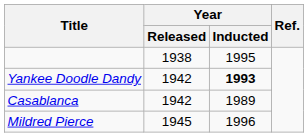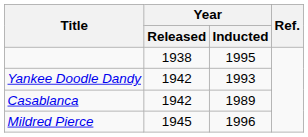 <table class="wikitable sortable">
 <tr>
 <th scope="col" rowspan=2>Title</th>
 <th scope="col" colspan=2>Year</th>
 <th scope="col" rowspan=2 class="unsortable">Ref.</th>
 </tr>
 <tr>
 <th scope="col">Released</th>
 <th scope="col">Inducted</th>
 </tr>
 <tr>
 <td scope="row"><em></em></td>
 <td align=center>1938</td>
 <td align=center>1995</td>
 <td rowspan=4></td>
 </tr>
 <tr>
 <td scope="row"><em><a href='#'>Yankee Doodle Dandy</a></em></td>
 <td align=center>1942</td>
-<td align=center><strong>1993</strong></td>
+<td align=center>1993</td>
 </tr>
 <tr>
 <td scope="row"><em><a href='#'>Casablanca</a></em></td>
 <td align=center>1942</td>
 <td align=center>1989</td>
 </tr>
 <tr>
 <td scope="row"><em><a href='#'>Mildred Pierce</a></em></td>
 <td align=center>1945</td>
 <td align=center>1996</td>
 </tr>
 </table>
